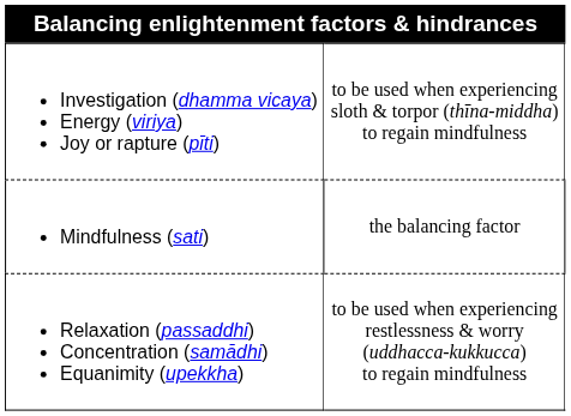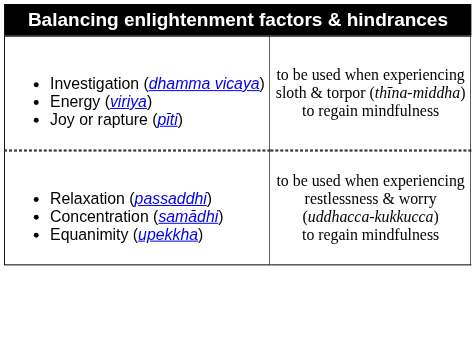 <table cellpadding="5" cellspacing="0" style="float:right; font-family:'Arial',sans-serif; margin-left:0.5em">
 <tr>
 <td colspan="2" style="background:black;color:white;font-size:larger;font-weight:bold;text-align:center">Balancing enlightenment factors & hindrances</td>
 </tr>
 <tr>
 <td style="border:1px solid black; border-bottom:1px dashed black"><br><ul><li>Investigation (<em><a href='#'>dhamma vicaya</a></em>)</li><li>Energy (<em><a href='#'>viriya</a></em>)</li><li>Joy or rapture (<em><a href='#'>pīti</a></em>)</li></ul></td>
 <td style="border:1pt solid black; border-left:0; border-bottom:1px dashed black; font-family:'Times New Roman',serif;text-align:center">to be used when experiencing<br>sloth & torpor (<em>thīna-middha</em>)<br>to regain mindfulness</td>
 </tr>
-<tr style="margin-top:8pt; margin-bottom:8pt">
-<td style="border-left:1px solid black; border-right:1px solid black"><br><ul><li>Mindfulness (<em><a href='#'>sati</a></em>)</li></ul></td>
-<td style="border:0; border-right:1px solid black; font-family:'Times New Roman',serif; text-align:center">the balancing factor</td>
-</tr>
 <tr>
 <td style="border:1px solid black; border-top:1px dashed black"><br><ul><li>Relaxation (<em><a href='#'>passaddhi</a></em>)</li><li>Concentration (<em><a href='#'>samādhi</a></em>)</li><li>Equanimity (<em><a href='#'>upekkha</a></em>)</li></ul></td>
 <td style="border:1pt solid black; border-left:0; border-top:1px dashed black; font-family:'Times New Roman',serif; text-align:center">to be used when experiencing<br>restlessness & worry<br>(<em>uddhacca-kukkucca</em>)<br>to regain mindfulness</td>
 </tr>
 </table>
